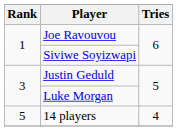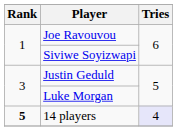 <table class="wikitable sortable">
 <tr>
 </tr>
 <tr>
 <th>Rank</th>
 <th>Player</th>
 <th>Tries</th>
 </tr>
 <tr>
 <td align=center rowspan=2>1</td>
 <td> <a href='#'>Joe Ravouvou</a></td>
 <td align=center rowspan=2>6</td>
 </tr>
 <tr>
 <td> <a href='#'>Siviwe Soyizwapi</a></td>
 </tr>
 <tr>
 <td align=center rowspan=2>3</td>
 <td> <a href='#'>Justin Geduld</a></td>
 <td align=center rowspan=2>5</td>
 </tr>
 <tr>
 <td> <a href='#'>Luke Morgan</a></td>
 </tr>
 <tr>
-<td align=center>5</td>
+<td align=center><strong>5</strong></td>
 <td>14 players</td>
-<td align=center>4</td>
+<td align=center style="background: lavender;">4</td>
 </tr>
 <tr>
 </tr>
 </table>
